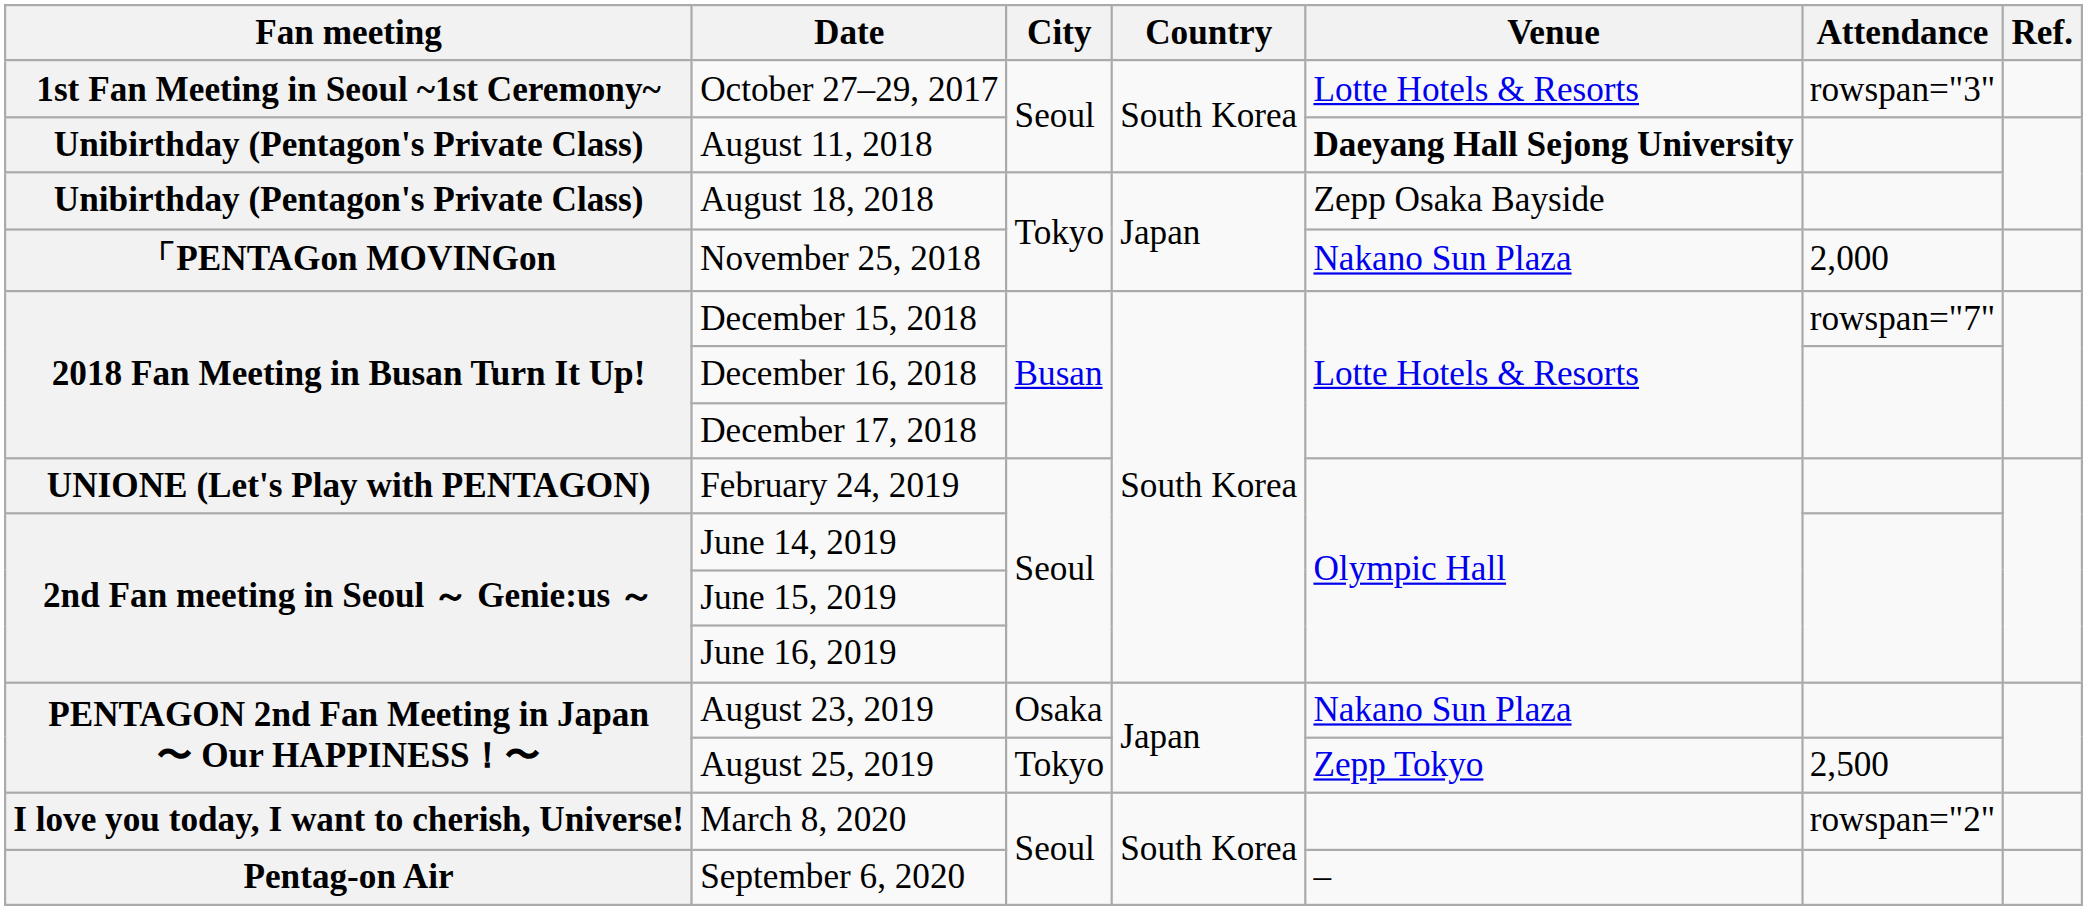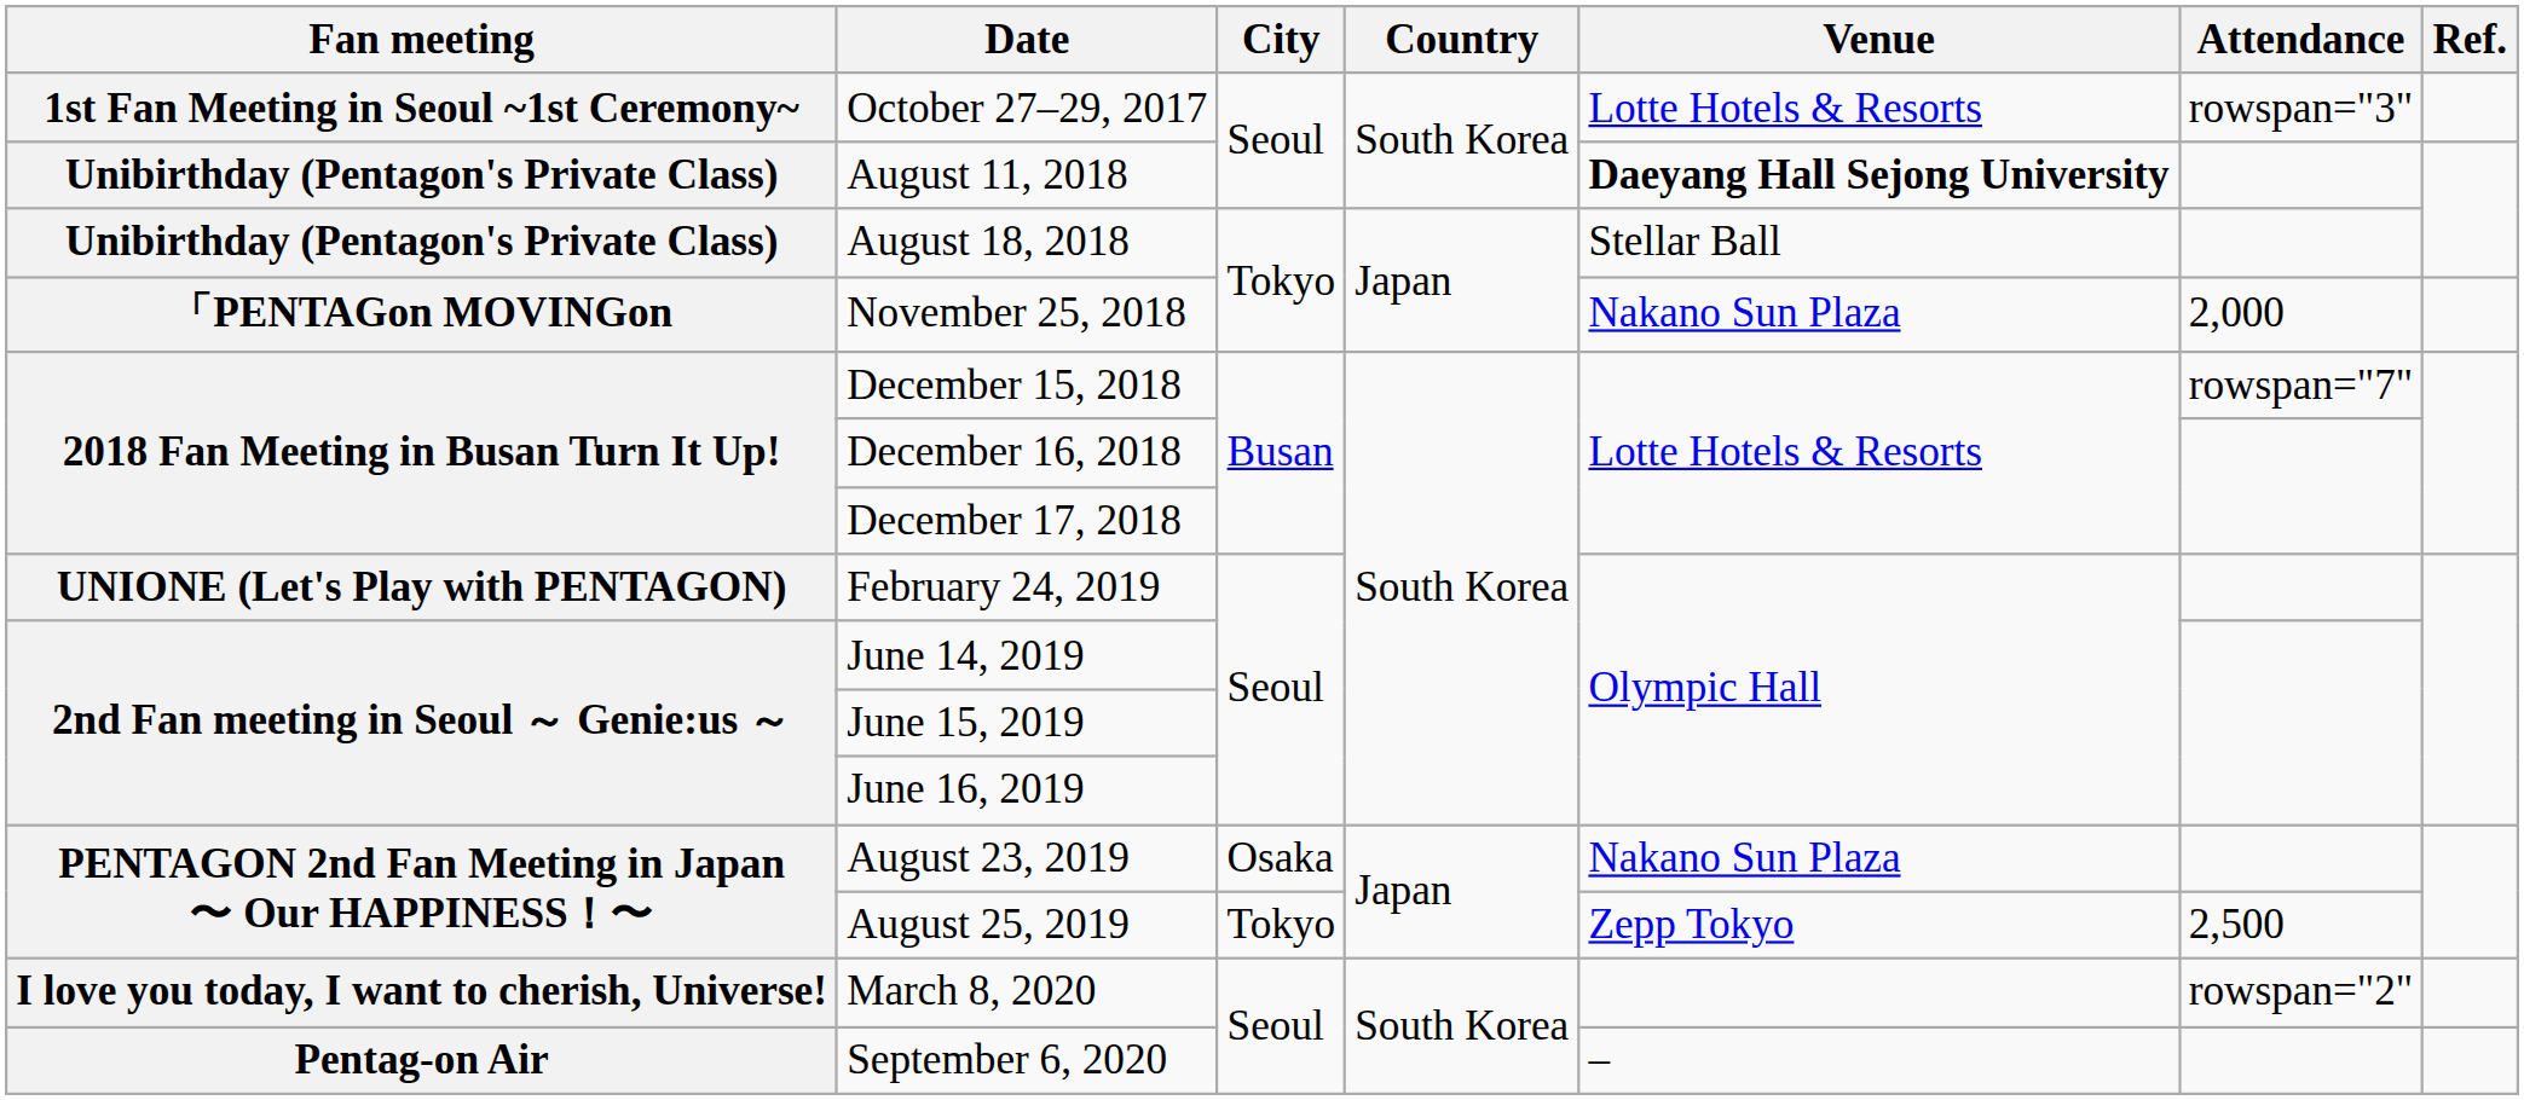 <table class="wikitable sortable plainrowheaders">
 <tr>
 <th>Fan meeting</th>
 <th>Date</th>
 <th>City</th>
 <th>Country</th>
 <th>Venue</th>
 <th>Attendance</th>
 <th>Ref.</th>
 </tr>
 <tr>
 <th scope="row">1st Fan Meeting in Seoul ~1st Ceremony~</th>
 <td>October 27–29, 2017</td>
 <td rowspan="2">Seoul</td>
 <td rowspan="2">South Korea</td>
 <td><a href='#'>Lotte Hotels & Resorts</a></td>
 <td>rowspan="3" </td>
 <td></td>
 </tr>
 <tr>
 <th scope="row">Unibirthday (Pentagon's Private Class)</th>
 <td>August 11, 2018</td>
 <td><strong>Daeyang Hall Sejong University</strong></td>
 <td></td>
 </tr>
 <tr>
 <th scope="row">Unibirthday (Pentagon's Private Class)</th>
 <td>August 18, 2018</td>
 <td rowspan="2">Tokyo</td>
 <td rowspan="2">Japan</td>
-<td>Zepp Osaka Bayside</td>
+<td>Stellar Ball</td>
 <td></td>
 </tr>
 <tr>
 <th scope="row">「PENTAGon MOVINGon</th>
 <td>November 25, 2018</td>
 <td><a href='#'>Nakano Sun Plaza</a></td>
 <td>2,000</td>
 <td></td>
 </tr>
 <tr>
 <th rowspan="3" scope="row">2018 Fan Meeting in Busan Turn It Up!</th>
 <td>December 15, 2018</td>
 <td rowspan="3"><a href='#'>Busan</a></td>
 <td rowspan="7">South Korea</td>
 <td rowspan="3"><a href='#'>Lotte Hotels & Resorts</a></td>
 <td>rowspan="7" </td>
 <td rowspan="3"></td>
 </tr>
 <tr>
 <td>December 16, 2018</td>
 </tr>
 <tr>
 <td>December 17, 2018</td>
 </tr>
 <tr>
 <th scope="row">UNIONE (Let's Play with PENTAGON)</th>
 <td>February 24, 2019</td>
 <td rowspan="4">Seoul</td>
 <td rowspan="4"><a href='#'>Olympic Hall</a></td>
 <td></td>
 </tr>
 <tr>
 <th rowspan="3" scope="row">2nd Fan meeting in Seoul ～ Genie:us ～</th>
 <td>June 14, 2019</td>
 <td rowspan="3"></td>
 </tr>
 <tr>
 <td>June 15, 2019</td>
 </tr>
 <tr>
 <td>June 16, 2019</td>
 </tr>
 <tr>
 <th rowspan="2" scope="row">PENTAGON 2nd Fan Meeting in Japan<br>〜 Our HAPPINESS！〜</th>
 <td>August 23, 2019</td>
 <td>Osaka</td>
 <td rowspan="2">Japan</td>
 <td><a href='#'>Nakano Sun Plaza</a></td>
 <td></td>
 <td rowspan="2"></td>
 </tr>
 <tr>
 <td>August 25, 2019</td>
 <td>Tokyo</td>
 <td><a href='#'>Zepp Tokyo</a></td>
 <td>2,500</td>
 </tr>
 <tr>
 <th scope="row">I love you today, I want to cherish, Universe!</th>
 <td>March 8, 2020</td>
 <td rowspan="2">Seoul</td>
 <td rowspan="2">South Korea</td>
 <td></td>
 <td>rowspan="2" </td>
 <td></td>
 </tr>
 <tr>
 <th scope="row">Pentag-on Air</th>
 <td>September 6, 2020</td>
 <td>–</td>
 <td></td>
 </tr>
 </table>
